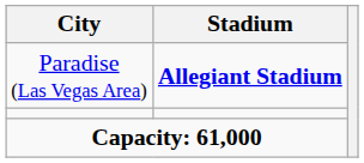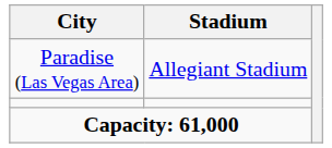 <table class="wikitable" style="text-align:center; margin-left:auto; margin-right:auto; border:none;">
 <tr>
 <th>City</th>
 <th>Stadium</th>
 <th rowspan="4"></th>
 </tr>
 <tr>
 <td><a href='#'>Paradise</a><br> <small>(<a href='#'>Las Vegas Area</a>)</small></td>
-<td><strong><a href='#'>Allegiant Stadium</a></strong></td>
+<td><a href='#'>Allegiant Stadium</a></td>
 </tr>
 <tr>
 <td></td>
 <td></td>
 </tr>
 <tr>
 <td colspan="2"><strong>Capacity:</strong> <strong>61,000</strong></td>
 </tr>
 </table>
